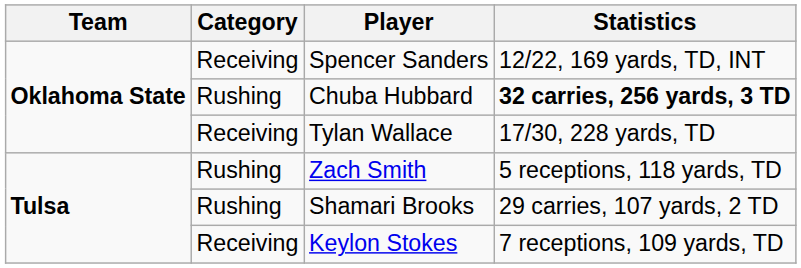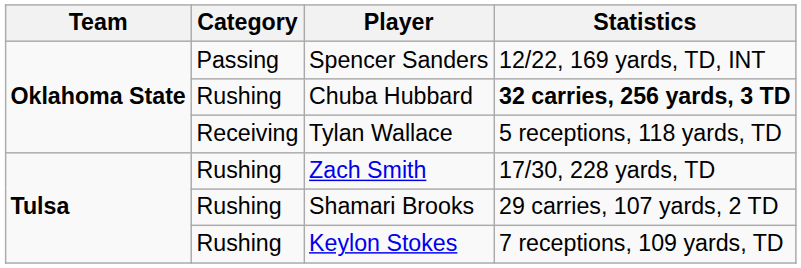 <table class="wikitable" style="float: right;">
 <tr>
 <th>Team</th>
 <th>Category</th>
 <th>Player</th>
 <th>Statistics</th>
 </tr>
 <tr>
 <td rowspan=3><strong>Oklahoma State</strong></td>
-<td>Receiving</td>
+<td>Passing</td>
 <td>Spencer Sanders</td>
 <td>12/22, 169 yards, TD, INT</td>
 </tr>
 <tr>
 <td>Rushing</td>
 <td>Chuba Hubbard</td>
 <td><strong>32 carries, 256 yards, 3 TD</strong></td>
 </tr>
 <tr>
 <td>Receiving</td>
 <td>Tylan Wallace</td>
-<td>17/30, 228 yards, TD</td>
+<td>5 receptions, 118 yards, TD</td>
 </tr>
 <tr>
 <td rowspan=3><strong>Tulsa</strong></td>
 <td>Rushing</td>
 <td><a href='#'>Zach Smith</a></td>
-<td>5 receptions, 118 yards, TD</td>
+<td>17/30, 228 yards, TD</td>
 </tr>
 <tr>
 <td>Rushing</td>
 <td>Shamari Brooks</td>
 <td>29 carries, 107 yards, 2 TD</td>
 </tr>
 <tr>
-<td>Receiving</td>
+<td>Rushing</td>
 <td><a href='#'>Keylon Stokes</a></td>
 <td>7 receptions, 109 yards, TD</td>
 </tr>
 </table>
